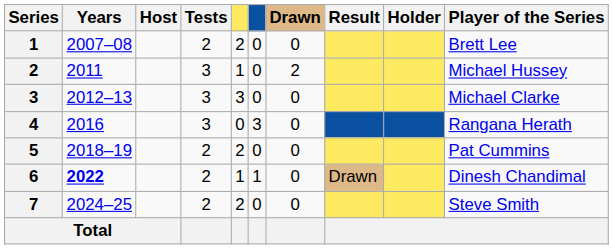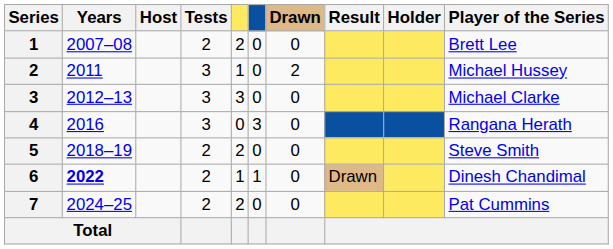 <table class="wikitable">
 <tr>
 <th>Series</th>
 <th>Years</th>
 <th>Host</th>
 <th>Tests</th>
 <th style="background:#fdea60"></th>
 <th style="background:#0a50a1"></th>
 <th style="background:#deb887">Drawn</th>
 <th>Result</th>
 <th>Holder</th>
 <th>Player of the Series</th>
 </tr>
 <tr>
 <th scope=row align="center">1</th>
 <td><a href='#'>2007–08</a></td>
 <td></td>
 <td align="center">2</td>
 <td align="center">2</td>
 <td align="center">0</td>
 <td align="center">0</td>
 <td bgcolor="#fdea60"></td>
 <td bgcolor="#fdea60"></td>
 <td> <a href='#'>Brett Lee</a></td>
 </tr>
 <tr>
 <th align="center">2</th>
 <td><a href='#'>2011</a></td>
 <td></td>
 <td align="center">3</td>
 <td align="center">1</td>
 <td align="center">0</td>
 <td align="center">2</td>
 <td bgcolor="#fdea60"></td>
 <td bgcolor="#fdea60"></td>
 <td> <a href='#'>Michael Hussey</a></td>
 </tr>
 <tr>
 <th align="center">3</th>
 <td><a href='#'>2012–13</a></td>
 <td></td>
 <td align="center">3</td>
 <td align="center">3</td>
 <td align="center">0</td>
 <td align="center">0</td>
 <td bgcolor="#fdea60"></td>
 <td bgcolor="#fdea60"></td>
 <td> <a href='#'>Michael Clarke</a></td>
 </tr>
 <tr>
 <th align="center">4</th>
 <td><a href='#'>2016</a></td>
 <td></td>
 <td align="center">3</td>
 <td align="center">0</td>
 <td align="center">3</td>
 <td align="center">0</td>
 <td bgcolor=#0a50a1></td>
 <td bgcolor=#0a50a1></td>
 <td> <a href='#'>Rangana Herath</a></td>
 </tr>
 <tr>
 <th align="center">5</th>
 <td><a href='#'>2018–19</a></td>
 <td></td>
 <td align="center">2</td>
 <td align="center">2</td>
 <td align="center">0</td>
 <td align="center">0</td>
 <td bgcolor="#fdea60"></td>
 <td bgcolor="#fdea60"></td>
-<td> <a href='#'>Pat Cummins</a></td>
+<td> <a href='#'>Steve Smith</a></td>
 </tr>
 <tr>
 <th align="center">6</th>
 <td><strong><a href='#'>2022</a></strong></td>
 <td></td>
 <td align="center">2</td>
 <td align="center">1</td>
 <td align="center">1</td>
 <td align="center">0</td>
 <td bgcolor="#deb887">Drawn</td>
 <td bgcolor="#fdea60"></td>
 <td> <a href='#'>Dinesh Chandimal</a></td>
 </tr>
 <tr>
 <th align="center">7</th>
 <td><a href='#'>2024–25</a></td>
 <td></td>
 <td align="center">2</td>
 <td align="center">2</td>
 <td align="center">0</td>
 <td align="center">0</td>
 <td bgcolor="#fdea60"></td>
 <td bgcolor="#fdea60"></td>
-<td> <a href='#'>Steve Smith</a></td>
+<td> <a href='#'>Pat Cummins</a></td>
 </tr>
 <tr>
 <th colspan="3" align="center" style="bold">Total</th>
 <th></th>
 <th></th>
 <th></th>
 <th></th>
 <th colspan="3" align="center" style="bold"></th>
 </tr>
 </table>
